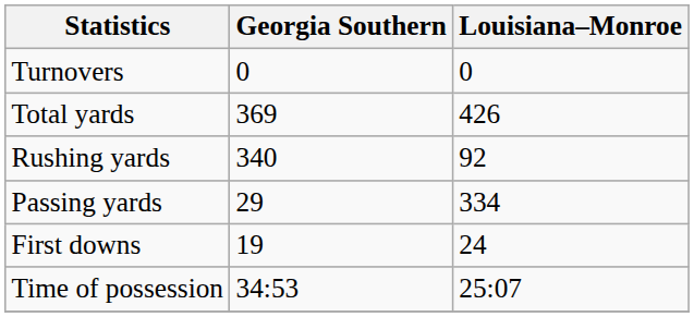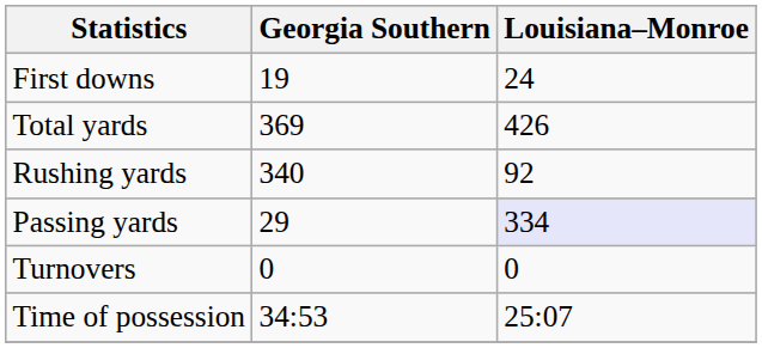 <table class="wikitable">
 <tr>
 <th>Statistics</th>
 <th>Georgia Southern</th>
 <th>Louisiana–Monroe</th>
 </tr>
 <tr>
-<td>Turnovers</td>
-<td>0</td>
-<td>0</td>
+<td>First downs</td>
+<td>19</td>
+<td>24</td>
 </tr>
 <tr>
 <td>Total yards</td>
 <td>369</td>
 <td>426</td>
 </tr>
 <tr>
 <td>Rushing yards</td>
 <td>340</td>
 <td>92</td>
 </tr>
 <tr>
 <td>Passing yards</td>
 <td>29</td>
-<td>334</td>
+<td style="background: lavender;">334</td>
 </tr>
 <tr>
-<td>First downs</td>
-<td>19</td>
-<td>24</td>
+<td>Turnovers</td>
+<td>0</td>
+<td>0</td>
 </tr>
 <tr>
 <td>Time of possession</td>
 <td>34:53</td>
 <td>25:07</td>
 </tr>
 <tr>
 </tr>
 </table>
